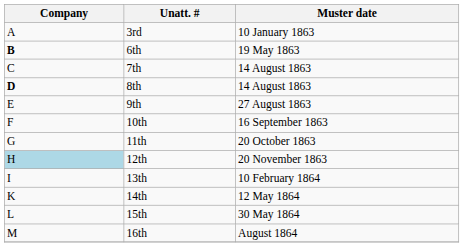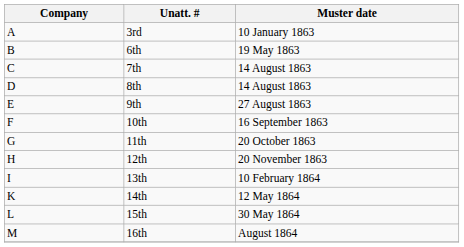 <table class="wikitable" style="width:50%; font size:95%;">
 <tr>
 <th width="10%">Company</th>
 <th width="10%">Unatt. #</th>
 <th width="20%">Muster date</th>
 </tr>
 <tr>
 <td>A</td>
 <td>3rd</td>
 <td>10 January 1863</td>
 </tr>
 <tr>
-<td><strong>B</strong></td>
+<td>B</td>
 <td>6th</td>
 <td>19 May 1863</td>
 </tr>
 <tr>
 <td>C</td>
 <td>7th</td>
 <td>14 August 1863</td>
 </tr>
 <tr>
-<td><strong>D</strong></td>
+<td>D</td>
 <td>8th</td>
 <td>14 August 1863</td>
 </tr>
 <tr>
 <td>E</td>
 <td>9th</td>
 <td>27 August 1863</td>
 </tr>
 <tr>
 <td>F</td>
 <td>10th</td>
 <td>16 September 1863</td>
 </tr>
 <tr>
 <td>G</td>
 <td>11th</td>
 <td>20 October 1863</td>
 </tr>
 <tr>
-<td style="background: lightblue;">H</td>
+<td>H</td>
 <td>12th</td>
 <td>20 November 1863</td>
 </tr>
 <tr>
 <td>I</td>
 <td>13th</td>
 <td>10 February 1864</td>
 </tr>
 <tr>
 <td>K</td>
 <td>14th</td>
 <td>12 May 1864</td>
 </tr>
 <tr>
 <td>L</td>
 <td>15th</td>
 <td>30 May 1864</td>
 </tr>
 <tr>
 <td>M</td>
 <td>16th</td>
 <td>August 1864</td>
 </tr>
 <tr>
 </tr>
 </table>
